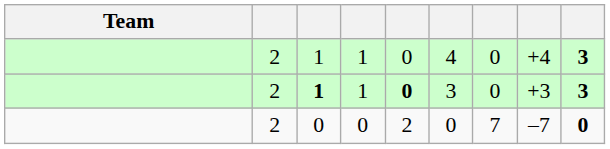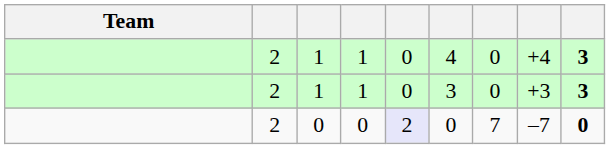 <table class="wikitable" style="text-align:center">
 <tr>
 <th width=175>Team</th>
 <th width=25></th>
 <th width=25></th>
 <th width=25></th>
 <th width=25></th>
 <th width=25></th>
 <th width=25></th>
 <th width=25></th>
 <th width=25></th>
 </tr>
 <tr align=center bgcolor=#ccffcc>
 <td align=left></td>
 <td>2</td>
 <td>1</td>
 <td>1</td>
 <td>0</td>
 <td>4</td>
 <td>0</td>
 <td>+4</td>
 <td><strong>3</strong></td>
 </tr>
 <tr align=center bgcolor=#ccffcc>
 <td align=left></td>
 <td>2</td>
-<td><strong>1</strong></td>
 <td>1</td>
-<td><strong>0</strong></td>
+<td>1</td>
+<td>0</td>
 <td>3</td>
 <td>0</td>
 <td>+3</td>
 <td><strong>3</strong></td>
 </tr>
 <tr>
 <td align=left></td>
 <td>2</td>
 <td>0</td>
 <td>0</td>
-<td>2</td>
+<td style="background: lavender;">2</td>
 <td>0</td>
 <td>7</td>
 <td>–7</td>
 <td><strong>0</strong></td>
 </tr>
 </table>
